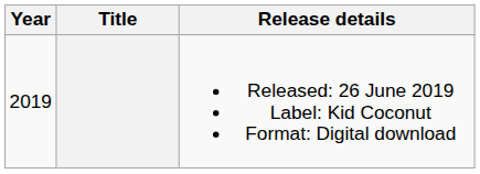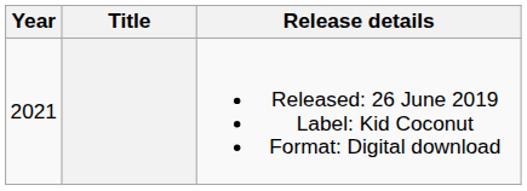 <table class="wikitable plainrowheaders" style="text-align:center;">
 <tr>
 <th rowspan="1;">Year</th>
 <th scope="col" rowspan="1" style="width:6em;">Title</th>
 <th scope="col" rowspan="1" style="width:15em;">Release details</th>
 </tr>
 <tr>
-<td>2019</td>
+<td>2021</td>
 <th></th>
 <td><br><ul><li>Released: 26 June 2019</li><li>Label: Kid Coconut</li><li>Format: Digital download</li></ul></td>
 </tr>
 </table>
